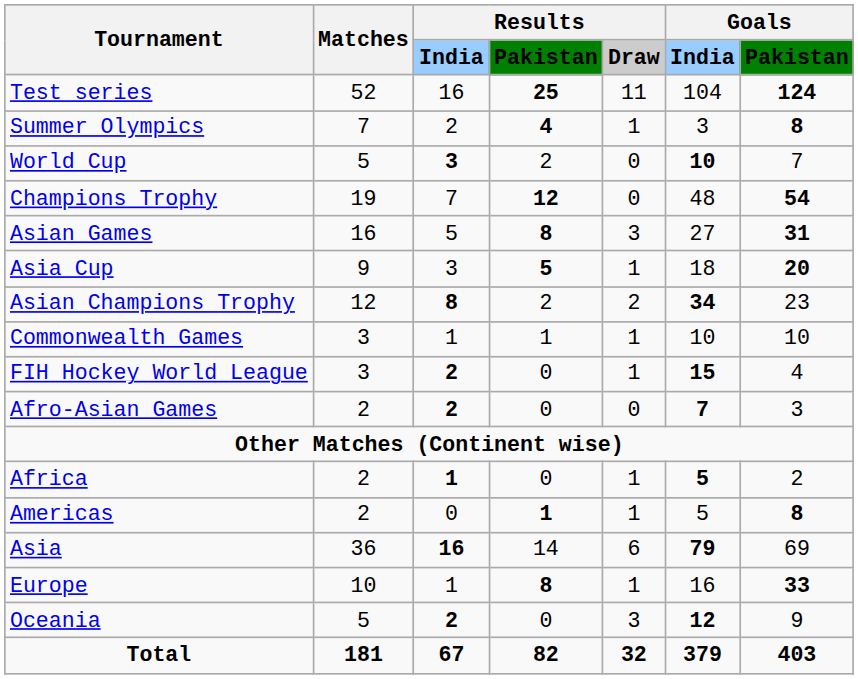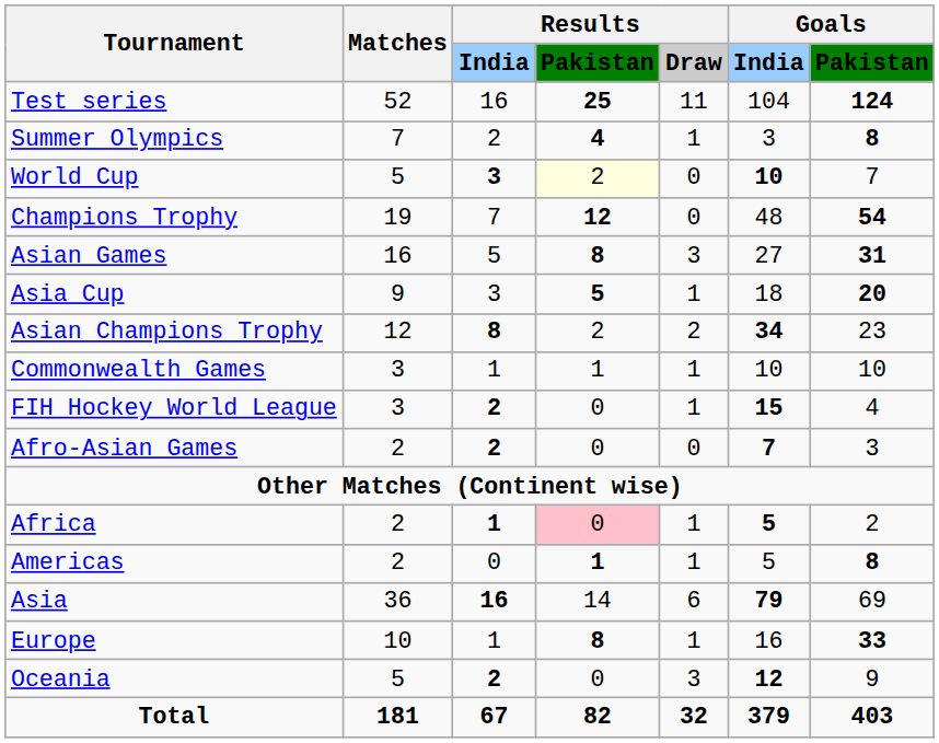 <table class="wikitable">
 <tr>
 <th rowspan=2>Tournament</th>
 <th rowspan=2>Matches</th>
 <th colspan=3>Results</th>
 <th colspan=2>Goals</th>
 </tr>
 <tr>
 <th style="background:#9cf;"> India</th>
 <th style="background:green;"> Pakistan</th>
 <th style="background:#ccc;">Draw</th>
 <th style="background:#9cf;"> India</th>
 <th style="background:green;"> Pakistan</th>
 </tr>
 <tr>
 <td><a href='#'>Test series</a></td>
 <td align="center">52</td>
 <td align="center">16</td>
 <td align="center"><strong>25</strong></td>
 <td align="center">11</td>
 <td align="center">104</td>
 <td align="center"><strong>124</strong></td>
 </tr>
 <tr>
 <td><a href='#'>Summer Olympics</a></td>
 <td align="center">7</td>
 <td align="center">2</td>
 <td align="center"><strong>4</strong></td>
 <td align="center">1</td>
 <td align="center">3</td>
 <td align="center"><strong>8</strong></td>
 </tr>
 <tr>
 <td><a href='#'>World Cup</a></td>
 <td align="center">5</td>
 <td align="center"><strong>3</strong></td>
-<td align="center">2</td>
+<td align="center" style="background: lightyellow;">2</td>
 <td align="center">0</td>
 <td align="center"><strong>10</strong></td>
 <td align="center">7</td>
 </tr>
 <tr>
 <td><a href='#'>Champions Trophy</a></td>
 <td align="center">19</td>
 <td align="center">7</td>
 <td align="center"><strong>12</strong></td>
 <td align="center">0</td>
 <td align="center">48</td>
 <td align="center"><strong>54</strong></td>
 </tr>
 <tr>
 <td><a href='#'>Asian Games</a></td>
 <td align="center">16</td>
 <td align="center">5</td>
 <td align="center"><strong>8</strong></td>
 <td align="center">3</td>
 <td align="center">27</td>
 <td align="center"><strong>31</strong></td>
 </tr>
 <tr>
 <td><a href='#'>Asia Cup</a></td>
 <td align="center">9</td>
 <td align="center">3</td>
 <td align="center"><strong>5</strong></td>
 <td align="center">1</td>
 <td align="center">18</td>
 <td align="center"><strong>20</strong></td>
 </tr>
 <tr>
 <td><a href='#'>Asian Champions Trophy</a></td>
 <td align="center">12</td>
 <td align="center"><strong>8</strong></td>
 <td align="center">2</td>
 <td align="center">2</td>
 <td align="center"><strong>34</strong></td>
 <td align="center">23</td>
 </tr>
 <tr>
 <td><a href='#'>Commonwealth Games</a></td>
 <td align="center">3</td>
 <td align="center">1</td>
 <td align="center">1</td>
 <td align="center">1</td>
 <td align="center">10</td>
 <td align="center">10</td>
 </tr>
 <tr>
 <td><a href='#'>FIH Hockey World League</a></td>
 <td align="center">3</td>
 <td align="center"><strong>2</strong></td>
 <td align="center">0</td>
 <td align="center">1</td>
 <td align="center"><strong>15</strong></td>
 <td align="center">4</td>
 </tr>
 <tr>
 <td><a href='#'>Afro-Asian Games</a></td>
 <td align="center">2</td>
 <td align="center"><strong>2</strong></td>
 <td align="center">0</td>
 <td align="center">0</td>
 <td align="center"><strong>7</strong></td>
 <td align="center">3</td>
 </tr>
 <tr>
 <td align="center" colspan=8><strong>Other Matches (Continent wise)</strong></td>
 </tr>
 <tr>
 <td><a href='#'>Africa</a></td>
 <td align="center">2</td>
 <td align="center"><strong>1</strong></td>
-<td align="center">0</td>
+<td align="center" style="background: pink;">0</td>
 <td align="center">1</td>
 <td align="center"><strong>5</strong></td>
 <td align="center">2</td>
 </tr>
 <tr>
 <td><a href='#'>Americas</a></td>
 <td align="center">2</td>
 <td align="center">0</td>
 <td align="center"><strong>1</strong></td>
 <td align="center">1</td>
 <td align="center">5</td>
 <td align="center"><strong>8</strong></td>
 </tr>
 <tr>
 <td><a href='#'>Asia</a></td>
 <td align="center">36</td>
 <td align="center"><strong>16</strong></td>
 <td align="center">14</td>
 <td align="center">6</td>
 <td align="center"><strong>79</strong></td>
 <td align="center">69</td>
 </tr>
 <tr>
 <td><a href='#'>Europe</a></td>
 <td align="center">10</td>
 <td align="center">1</td>
 <td align="center"><strong>8</strong></td>
 <td align="center">1</td>
 <td align="center">16</td>
 <td align="center"><strong>33</strong></td>
 </tr>
 <tr>
 <td><a href='#'>Oceania</a></td>
 <td align="center">5</td>
 <td align="center"><strong>2</strong></td>
 <td align="center">0</td>
 <td align="center">3</td>
 <td align="center"><strong>12</strong></td>
 <td align="center">9</td>
 </tr>
 <tr>
 <td align="center"><strong>Total</strong></td>
 <td align="center"><strong>181</strong></td>
 <td align="center"><strong>67</strong></td>
 <td align="center"><strong>82</strong></td>
 <td align="center"><strong>32</strong></td>
 <td align="center"><strong>379</strong></td>
 <td align="center"><strong>403</strong></td>
 </tr>
 </table>
